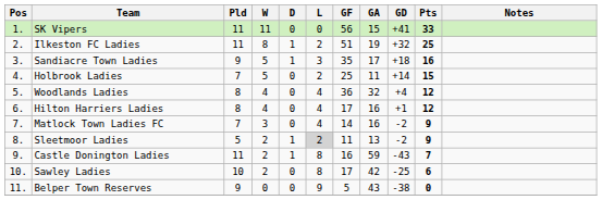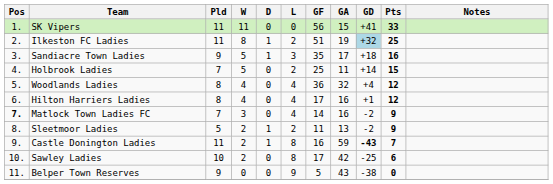 <table class="wikitable" style="text-align:center;">
 <tr>
 <th width=30 abbr="Position">Pos</th>
 <th width=250>Team</th>
 <th width=30 abbr="Played">Pld</th>
 <th width=30 abbr="Won">W</th>
 <th width=30 abbr="Drawn">D</th>
 <th width=30 abbr="Lost">L</th>
 <th width=30 abbr="Goals for">GF</th>
 <th width=30 abbr="Goals against">GA</th>
 <th width=30 abbr="Goal difference">GD</th>
 <th width=30 abbr="Points">Pts</th>
 <th width=200>Notes</th>
 </tr>
 <tr bgcolor="D0F0C0">
 <td>1.</td>
 <td align="left">SK Vipers</td>
 <td>11</td>
 <td>11</td>
 <td>0</td>
 <td>0</td>
 <td>56</td>
 <td>15</td>
 <td>+41</td>
 <td><strong>33</strong></td>
 <td></td>
 </tr>
 <tr>
 <td>2.</td>
 <td align="left">Ilkeston FC Ladies</td>
 <td>11</td>
 <td>8</td>
 <td>1</td>
 <td>2</td>
 <td>51</td>
 <td>19</td>
-<td>+32</td>
+<td style="background: lightblue;">+32</td>
 <td><strong>25</strong></td>
 <td></td>
 </tr>
 <tr>
 <td>3.</td>
 <td align="left">Sandiacre Town Ladies</td>
 <td>9</td>
 <td>5</td>
 <td>1</td>
 <td>3</td>
 <td>35</td>
 <td>17</td>
 <td>+18</td>
 <td><strong>16</strong></td>
 <td></td>
 </tr>
 <tr>
 <td>4.</td>
 <td align="left">Holbrook Ladies</td>
 <td>7</td>
 <td>5</td>
 <td>0</td>
 <td>2</td>
 <td>25</td>
 <td>11</td>
 <td>+14</td>
 <td><strong>15</strong></td>
 <td></td>
 </tr>
 <tr>
 <td>5.</td>
 <td align="left">Woodlands Ladies</td>
 <td>8</td>
 <td>4</td>
 <td>0</td>
 <td>4</td>
 <td>36</td>
 <td>32</td>
 <td>+4</td>
 <td><strong>12</strong></td>
 <td></td>
 </tr>
 <tr>
 <td>6.</td>
 <td align="left">Hilton Harriers Ladies</td>
 <td>8</td>
 <td>4</td>
 <td>0</td>
 <td>4</td>
 <td>17</td>
 <td>16</td>
 <td>+1</td>
 <td><strong>12</strong></td>
 <td></td>
 </tr>
 <tr>
-<td>7.</td>
+<td><strong>7.</strong></td>
 <td align="left">Matlock Town Ladies FC</td>
 <td>7</td>
 <td>3</td>
 <td>0</td>
 <td>4</td>
 <td>14</td>
 <td>16</td>
 <td>-2</td>
 <td><strong>9</strong></td>
 <td></td>
 </tr>
 <tr>
 <td>8.</td>
 <td align="left">Sleetmoor Ladies</td>
 <td>5</td>
 <td>2</td>
 <td>1</td>
-<td style="background: lightgrey;">2</td>
+<td>2</td>
 <td>11</td>
 <td>13</td>
 <td>-2</td>
 <td><strong>9</strong></td>
 <td></td>
 </tr>
 <tr>
 <td>9.</td>
 <td align="left">Castle Donington Ladies</td>
 <td>11</td>
 <td>2</td>
 <td>1</td>
 <td>8</td>
 <td>16</td>
 <td>59</td>
-<td>-43</td>
+<td><strong>-43</strong></td>
 <td><strong>7</strong></td>
 <td></td>
 </tr>
 <tr>
 <td>10.</td>
 <td align="left">Sawley Ladies</td>
 <td>10</td>
 <td>2</td>
 <td>0</td>
 <td>8</td>
 <td>17</td>
 <td>42</td>
 <td>-25</td>
 <td><strong>6</strong></td>
 <td></td>
 </tr>
 <tr>
 <td>11.</td>
 <td align="left">Belper Town Reserves</td>
 <td>9</td>
 <td>0</td>
 <td>0</td>
 <td>9</td>
 <td>5</td>
 <td>43</td>
 <td>-38</td>
 <td><strong>0</strong></td>
 <td></td>
 </tr>
 <tr>
 </tr>
 </table>
